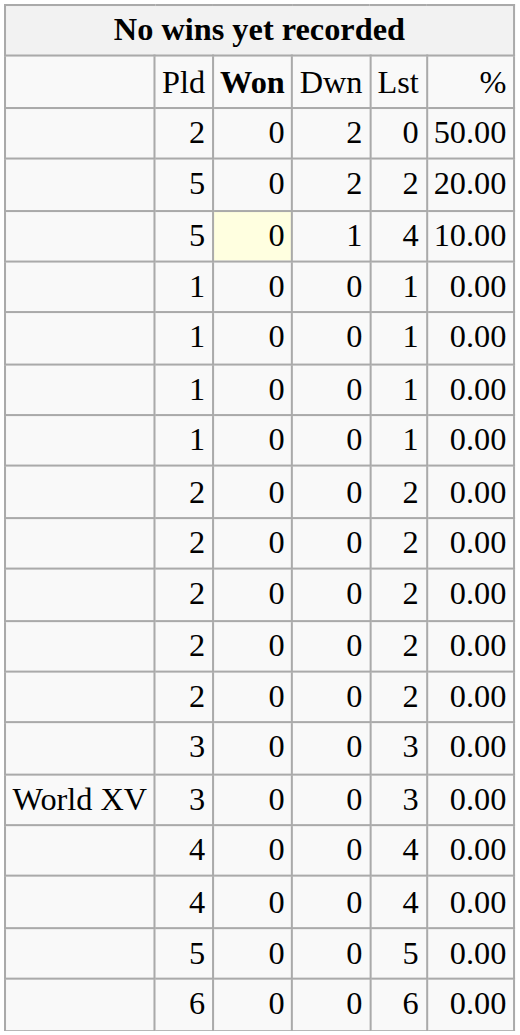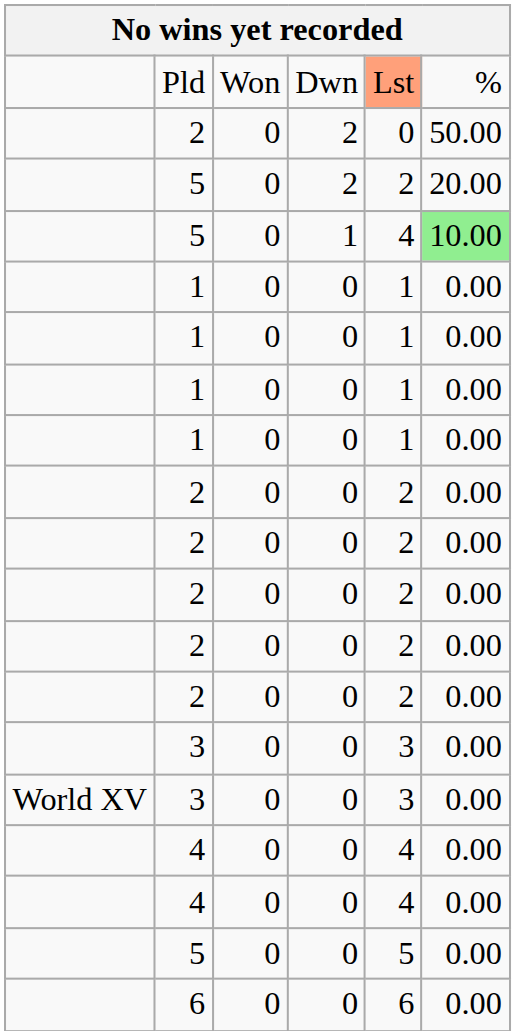 <table class="wikitable" style="text-align:right">
 <tr>
 <th colspan=7>No wins yet recorded</th>
 </tr>
 <tr>
 <td style="text-align:left"> </td>
 <td>Pld</td>
-<td><strong>Won</strong></td>
+<td>Won</td>
 <td>Dwn</td>
-<td>Lst</td>
+<td style="background: lightsalmon;">Lst</td>
 <td>%</td>
 </tr>
 <tr>
 <td style="text-align:left"></td>
 <td>2</td>
 <td>0</td>
 <td>2</td>
 <td>0</td>
 <td>50.00</td>
 </tr>
 <tr>
 <td style="text-align:left"></td>
 <td>5</td>
 <td>0</td>
 <td>2</td>
 <td>2</td>
 <td>20.00</td>
 </tr>
 <tr>
 <td style="text-align:left"></td>
 <td>5</td>
-<td style="background: lightyellow;">0</td>
+<td>0</td>
 <td>1</td>
 <td>4</td>
-<td>10.00</td>
+<td style="background: lightgreen;">10.00</td>
 </tr>
 <tr>
 <td style="text-align:left"></td>
 <td>1</td>
 <td>0</td>
 <td>0</td>
 <td>1</td>
 <td>0.00</td>
 </tr>
 <tr>
 <td style="text-align:left"></td>
 <td>1</td>
 <td>0</td>
 <td>0</td>
 <td>1</td>
 <td>0.00</td>
 </tr>
 <tr>
 <td style="text-align:left"></td>
 <td>1</td>
 <td>0</td>
 <td>0</td>
 <td>1</td>
 <td>0.00</td>
 </tr>
 <tr>
 <td style="text-align:left"></td>
 <td>1</td>
 <td>0</td>
 <td>0</td>
 <td>1</td>
 <td>0.00</td>
 </tr>
 <tr>
 <td style="text-align:left"></td>
 <td>2</td>
 <td>0</td>
 <td>0</td>
 <td>2</td>
 <td>0.00</td>
 </tr>
 <tr>
 <td style="text-align:left"></td>
 <td>2</td>
 <td>0</td>
 <td>0</td>
 <td>2</td>
 <td>0.00</td>
 </tr>
 <tr>
 <td style="text-align:left"></td>
 <td>2</td>
 <td>0</td>
 <td>0</td>
 <td>2</td>
 <td>0.00</td>
 </tr>
 <tr>
 <td style="text-align:left"></td>
 <td>2</td>
 <td>0</td>
 <td>0</td>
 <td>2</td>
 <td>0.00</td>
 </tr>
 <tr>
 <td style="text-align:left"></td>
 <td>2</td>
 <td>0</td>
 <td>0</td>
 <td>2</td>
 <td>0.00</td>
 </tr>
 <tr>
 <td style="text-align:left"></td>
 <td>3</td>
 <td>0</td>
 <td>0</td>
 <td>3</td>
 <td>0.00</td>
 </tr>
 <tr>
 <td style="text-align:left"> World XV</td>
 <td>3</td>
 <td>0</td>
 <td>0</td>
 <td>3</td>
 <td>0.00</td>
 </tr>
 <tr>
 <td style="text-align:left"></td>
 <td>4</td>
 <td>0</td>
 <td>0</td>
 <td>4</td>
 <td>0.00</td>
 </tr>
 <tr>
 <td style="text-align:left"></td>
 <td>4</td>
 <td>0</td>
 <td>0</td>
 <td>4</td>
 <td>0.00</td>
 </tr>
 <tr>
 <td style="text-align:left"></td>
 <td>5</td>
 <td>0</td>
 <td>0</td>
 <td>5</td>
 <td>0.00</td>
 </tr>
 <tr>
 <td style="text-align:left"></td>
 <td>6</td>
 <td>0</td>
 <td>0</td>
 <td>6</td>
 <td>0.00</td>
 </tr>
 </table>
